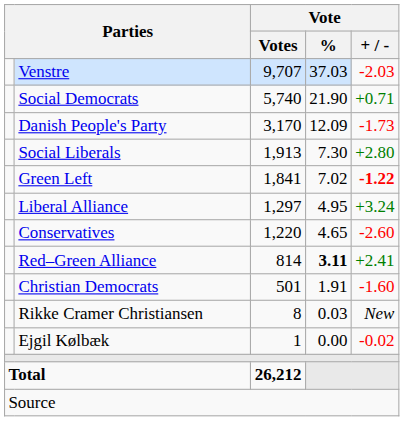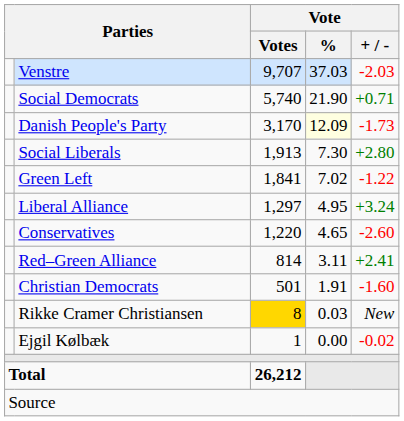 <table class="wikitable" style="text-align:right;">
 <tr>
 <th style="text-align:centre;" rowspan="2" colspan="2" width="225">Parties</th>
 <th colspan="3">Vote</th>
 </tr>
 <tr>
 <th width="15">Votes</th>
 <th width="15">%</th>
 <th width="15">+ / -</th>
 </tr>
 <tr>
 <td width="2" style="color:inherit;background:"></td>
 <td bgcolor=#cfe5fe  align="left"><a href='#'>Venstre</a></td>
 <td bgcolor=#cfe5fe>9,707</td>
 <td bgcolor=#cfe5fe>37.03</td>
 <td style=color:red;>-2.03</td>
 </tr>
 <tr>
 <td width="2" style="color:inherit;background:"></td>
 <td align="left"><a href='#'>Social Democrats</a></td>
 <td>5,740</td>
 <td>21.90</td>
 <td style=color:green;>+0.71</td>
 </tr>
 <tr>
 <td width="2" style="color:inherit;background:"></td>
 <td align="left"><a href='#'>Danish People's Party</a></td>
 <td>3,170</td>
-<td>12.09</td>
+<td style="background: lightyellow;">12.09</td>
 <td style=color:red;>-1.73</td>
 </tr>
 <tr>
 <td width="2" style="color:inherit;background:"></td>
 <td align="left"><a href='#'>Social Liberals</a></td>
 <td>1,913</td>
 <td>7.30</td>
 <td style=color:green;>+2.80</td>
 </tr>
 <tr>
 <td width="2" style="color:inherit;background:"></td>
 <td align="left"><a href='#'>Green Left</a></td>
 <td>1,841</td>
 <td>7.02</td>
-<td style=color:red;><strong>-1.22</strong></td>
+<td style=color:red;>-1.22</td>
 </tr>
 <tr>
 <td width="2" style="color:inherit;background:"></td>
 <td align="left"><a href='#'>Liberal Alliance</a></td>
 <td>1,297</td>
 <td>4.95</td>
 <td style=color:green;>+3.24</td>
 </tr>
 <tr>
 <td width="2" style="color:inherit;background:"></td>
 <td align="left"><a href='#'>Conservatives</a></td>
 <td>1,220</td>
 <td>4.65</td>
 <td style=color:red;>-2.60</td>
 </tr>
 <tr>
 <td width="2" style="color:inherit;background:"></td>
 <td align="left"><a href='#'>Red–Green Alliance</a></td>
 <td>814</td>
-<td><strong>3.11</strong></td>
+<td>3.11</td>
 <td style=color:green;>+2.41</td>
 </tr>
 <tr>
 <td width="2" style="color:inherit;background:"></td>
 <td align="left"><a href='#'>Christian Democrats</a></td>
 <td>501</td>
 <td>1.91</td>
 <td style=color:red;>-1.60</td>
 </tr>
 <tr>
 <td width="2" style="color:inherit;background:"></td>
 <td align="left">Rikke Cramer Christiansen</td>
-<td>8</td>
+<td style="background: gold;">8</td>
 <td>0.03</td>
 <td><em>New</em></td>
 </tr>
 <tr>
 <td width="2" style="color:inherit;background:"></td>
 <td align="left">Ejgil Kølbæk</td>
 <td>1</td>
 <td>0.00</td>
 <td style=color:red;>-0.02</td>
 </tr>
 <tr>
 <td colspan="7" bgcolor="#E9E9E9"></td>
 </tr>
 <tr>
 <td align="left" colspan="2"><strong>Total</strong></td>
 <td><strong>26,212</strong></td>
 <td bgcolor="#E9E9E9" colspan="2"></td>
 </tr>
 <tr>
 <td align="left" colspan="6">Source</td>
 </tr>
 </table>
